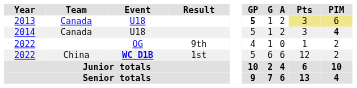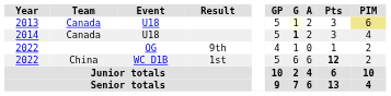 <table border="0" cellpadding="1" cellspacing="0" style="text-align:center; width:40em">
 <tr ALIGN="centre" bgcolor="#e0e0e0">
 <th>Year</th>
 <th>Team</th>
 <th>Event</th>
 <th>Result</th>
 <th rowspan="97" bgcolor="#ffffff"> </th>
 <th>GP</th>
 <th>G</th>
 <th>A</th>
 <th>Pts</th>
 <th>PIM</th>
 </tr>
 <tr>
 <td><a href='#'>2013</a></td>
 <td><a href='#'>Canada</a></td>
 <td><a href='#'>U18</a></td>
 <td></td>
-<td><strong>5</strong></td>
-<td>1</td>
+<td>5</td>
+<td style="background: lightyellow;">1</td>
 <td>2</td>
-<td style="background: khaki;">3</td>
+<td>3</td>
 <td style="background: khaki;">6</td>
 </tr>
 <tr bgcolor="#f0f0f0">
 <td><a href='#'>2014</a></td>
 <td>Canada</td>
 <td>U18</td>
 <td></td>
 <td>5</td>
-<td>1</td>
+<td><strong>1</strong></td>
 <td>2</td>
 <td>3</td>
-<td><strong>4</strong></td>
+<td>4</td>
 </tr>
 <tr>
 <td><a href='#'>2022</a></td>
 <td></td>
 <td><a href='#'>OG</a></td>
 <td>9th</td>
 <td>4</td>
 <td>1</td>
 <td>0</td>
 <td>1</td>
 <td>2</td>
 </tr>
 <tr bgcolor="#f0f0f0">
 <td><a href='#'>2022</a></td>
 <td>China</td>
-<td><strong><a href='#'>WC D1B</a></strong></td>
+<td><a href='#'>WC D1B</a></td>
 <td>1st</td>
 <td>5</td>
 <td>6</td>
 <td>6</td>
-<td>12</td>
+<td><strong>12</strong></td>
 <td>2</td>
 </tr>
 <tr align="centre" bgcolor="#e0e0e0">
 <th colspan="4">Junior totals</th>
 <th>10</th>
 <th>2</th>
 <th>4</th>
 <th>6</th>
 <th>10</th>
 </tr>
 <tr align="centre" bgcolor="#e0e0e0">
 <th colspan="4">Senior totals</th>
 <th>9</th>
 <th>7</th>
 <th>6</th>
 <th>13</th>
 <th>4</th>
 </tr>
 </table>
